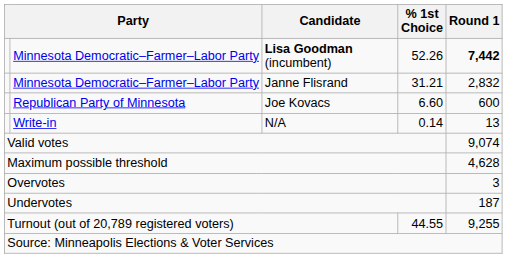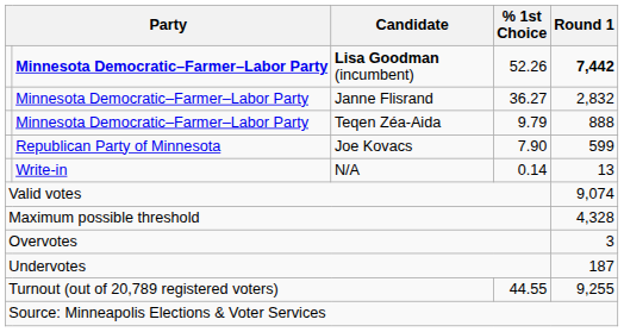 <table class="wikitable">
 <tr>
 <th colspan="2" style="width:290px">Party</th>
 <th style="width:165px">Candidate</th>
 <th>% 1st<br>Choice</th>
 <th>Round 1</th>
 </tr>
 <tr>
 <td style="background-color:"></td>
-<td><a href='#'>Minnesota Democratic–Farmer–Labor Party</a></td>
+<td><strong><a href='#'>Minnesota Democratic–Farmer–Labor Party</a></strong></td>
 <td><strong>Lisa Goodman</strong> (incumbent)</td>
 <td align="right">52.26</td>
 <td align="right"><strong>7,442</strong></td>
 </tr>
 <tr>
 <td style="background-color:"></td>
 <td><a href='#'>Minnesota Democratic–Farmer–Labor Party</a></td>
 <td>Janne Flisrand</td>
-<td align="right">31.21</td>
+<td align="right">36.27</td>
 <td align="right">2,832</td>
+</tr>
+<tr>
+<td style="background-color:"></td>
+<td><a href='#'>Minnesota Democratic–Farmer–Labor Party</a></td>
+<td>Teqen Zéa-Aida</td>
+<td align="right">9.79</td>
+<td align="right">888</td>
 </tr>
 <tr>
 <td style="background-color:"></td>
 <td><a href='#'>Republican Party of Minnesota</a></td>
 <td>Joe Kovacs</td>
-<td align="right">6.60</td>
-<td align="right">600</td>
+<td align="right">7.90</td>
+<td align="right">599</td>
 </tr>
 <tr>
 <td style="background-color:"></td>
 <td><a href='#'>Write-in</a></td>
 <td>N/A</td>
 <td align="right">0.14</td>
 <td align="right">13</td>
 </tr>
 <tr>
 <td colspan="4">Valid votes</td>
 <td align="right">9,074</td>
 </tr>
 <tr>
 <td colspan="4">Maximum possible threshold</td>
-<td align="right">4,628</td>
+<td align="right">4,328</td>
 </tr>
 <tr>
 <td colspan="4">Overvotes</td>
 <td align="right">3</td>
 </tr>
 <tr>
 <td colspan="4">Undervotes</td>
 <td align="right">187</td>
 </tr>
 <tr>
 <td colspan="3">Turnout (out of 20,789 registered voters)</td>
 <td align="right">44.55</td>
 <td align="right">9,255</td>
 </tr>
 <tr>
 <td colspan="5">Source: Minneapolis Elections & Voter Services</td>
 </tr>
 </table>
